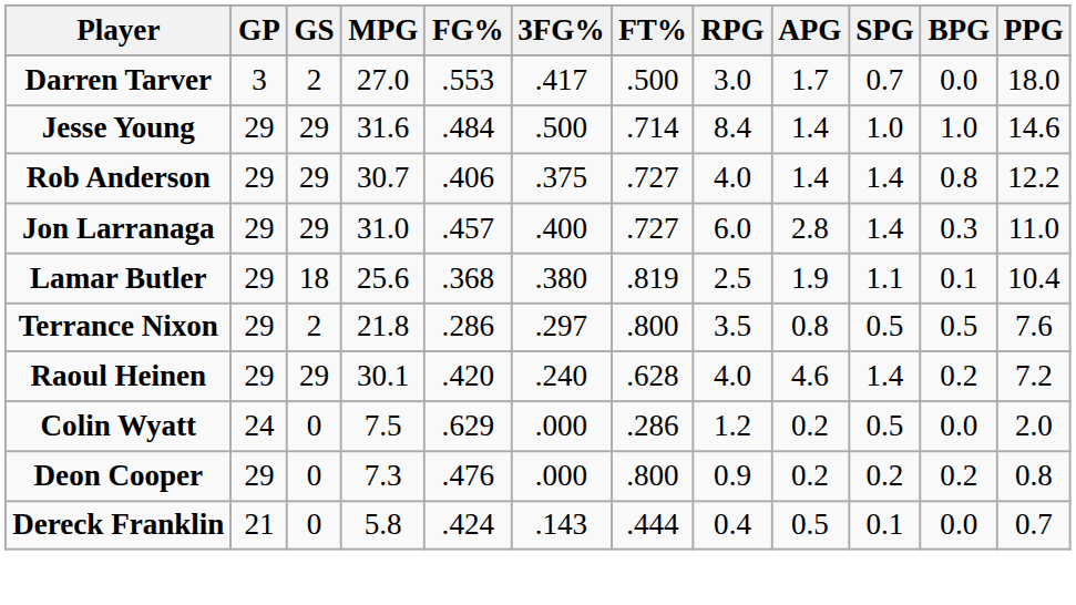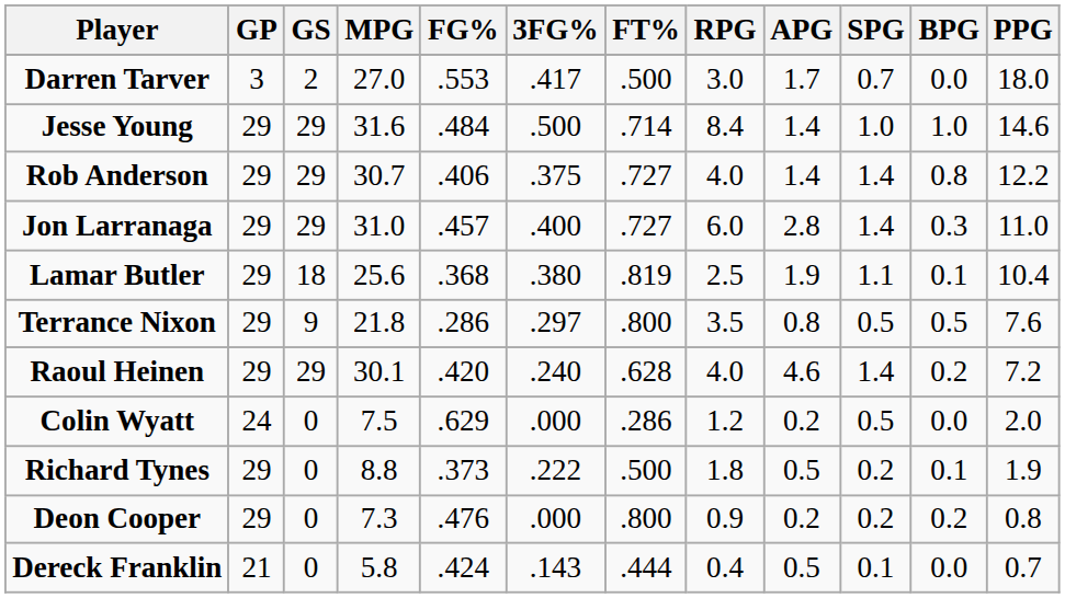 <table class="wikitable sortable" style="font-size: 90%">
 <tr>
 <th>Player</th>
 <th>GP</th>
 <th>GS</th>
 <th>MPG</th>
 <th>FG%</th>
 <th>3FG%</th>
 <th>FT%</th>
 <th>RPG</th>
 <th>APG</th>
 <th>SPG</th>
 <th>BPG</th>
 <th>PPG</th>
 </tr>
 <tr align="center" bgcolor="">
 </tr>
 <tr align="center" bgcolor="">
 <td><strong>Darren Tarver</strong></td>
 <td>3</td>
 <td>2</td>
 <td>27.0</td>
 <td>.553</td>
 <td>.417</td>
 <td>.500</td>
 <td>3.0</td>
 <td>1.7</td>
 <td>0.7</td>
 <td>0.0</td>
 <td>18.0</td>
 </tr>
 <tr align="center" bgcolor="">
 <td><strong>Jesse Young</strong></td>
 <td>29</td>
 <td>29</td>
 <td>31.6</td>
 <td>.484</td>
 <td>.500</td>
 <td>.714</td>
 <td>8.4</td>
 <td>1.4</td>
 <td>1.0</td>
 <td>1.0</td>
 <td>14.6</td>
 </tr>
 <tr align="center" bgcolor="">
 <td><strong>Rob Anderson</strong></td>
 <td>29</td>
 <td>29</td>
 <td>30.7</td>
 <td>.406</td>
 <td>.375</td>
 <td>.727</td>
 <td>4.0</td>
 <td>1.4</td>
 <td>1.4</td>
 <td>0.8</td>
 <td>12.2</td>
 </tr>
 <tr align="center" bgcolor="">
 <td><strong>Jon Larranaga</strong></td>
 <td>29</td>
 <td>29</td>
 <td>31.0</td>
 <td>.457</td>
 <td>.400</td>
 <td>.727</td>
 <td>6.0</td>
 <td>2.8</td>
 <td>1.4</td>
 <td>0.3</td>
 <td>11.0</td>
 </tr>
 <tr align="center" bgcolor="">
 <td><strong>Lamar Butler</strong></td>
 <td>29</td>
 <td>18</td>
 <td>25.6</td>
 <td>.368</td>
 <td>.380</td>
 <td>.819</td>
 <td>2.5</td>
 <td>1.9</td>
 <td>1.1</td>
 <td>0.1</td>
 <td>10.4</td>
 </tr>
 <tr align="center" bgcolor="">
 <td><strong>Terrance Nixon</strong></td>
 <td>29</td>
-<td>2</td>
+<td>9</td>
 <td>21.8</td>
 <td>.286</td>
 <td>.297</td>
 <td>.800</td>
 <td>3.5</td>
 <td>0.8</td>
 <td>0.5</td>
 <td>0.5</td>
 <td>7.6</td>
 </tr>
 <tr align="center" bgcolor="">
 <td><strong>Raoul Heinen</strong></td>
 <td>29</td>
 <td>29</td>
 <td>30.1</td>
 <td>.420</td>
 <td>.240</td>
 <td>.628</td>
 <td>4.0</td>
 <td>4.6</td>
 <td>1.4</td>
 <td>0.2</td>
 <td>7.2</td>
 </tr>
 <tr align="center" bgcolor="">
 <td><strong>Colin Wyatt</strong></td>
 <td>24</td>
 <td>0</td>
 <td>7.5</td>
 <td>.629</td>
 <td>.000</td>
 <td>.286</td>
 <td>1.2</td>
 <td>0.2</td>
 <td>0.5</td>
 <td>0.0</td>
 <td>2.0</td>
 </tr>
 <tr align="center" bgcolor="">
+<td><strong>Richard Tynes</strong></td>
+<td>29</td>
+<td>0</td>
+<td>8.8</td>
+<td>.373</td>
+<td>.222</td>
+<td>.500</td>
+<td>1.8</td>
+<td>0.5</td>
+<td>0.2</td>
+<td>0.1</td>
+<td>1.9</td>
+</tr>
+<tr align="center" bgcolor="">
 <td><strong>Deon Cooper</strong></td>
 <td>29</td>
 <td>0</td>
 <td>7.3</td>
 <td>.476</td>
 <td>.000</td>
 <td>.800</td>
 <td>0.9</td>
 <td>0.2</td>
 <td>0.2</td>
 <td>0.2</td>
 <td>0.8</td>
 </tr>
 <tr align="center" bgcolor="">
 <td><strong>Dereck Franklin</strong></td>
 <td>21</td>
 <td>0</td>
 <td>5.8</td>
 <td>.424</td>
 <td>.143</td>
 <td>.444</td>
 <td>0.4</td>
 <td>0.5</td>
 <td>0.1</td>
 <td>0.0</td>
 <td>0.7</td>
 </tr>
 </table>
